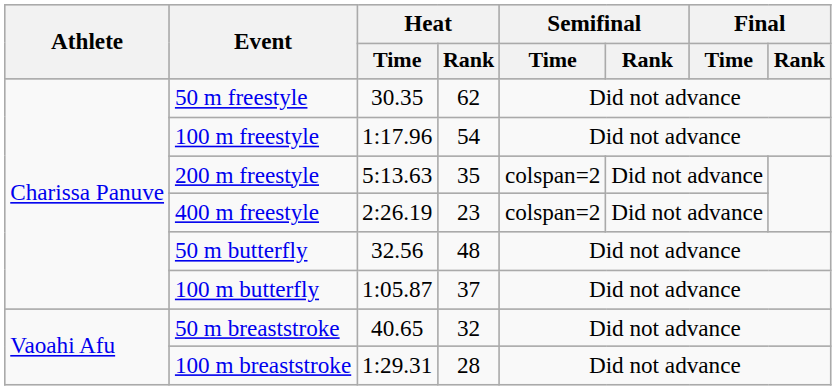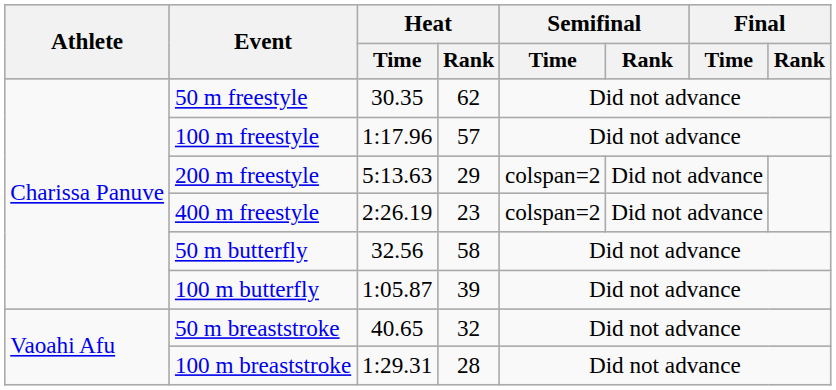 <table class=wikitable style=font-size:90%>
 <tr>
 <th rowspan=2>Athlete</th>
 <th rowspan=2>Event</th>
 <th colspan=2>Heat</th>
 <th colspan=2>Semifinal</th>
 <th colspan=2>Final</th>
 </tr>
 <tr style=font-size:95%>
 <th>Time</th>
 <th>Rank</th>
 <th>Time</th>
 <th>Rank</th>
 <th>Time</th>
 <th>Rank</th>
 </tr>
 <tr align=center>
 <td align=left rowspan=6><a href='#'>Charissa Panuve</a></td>
 <td align=left rowspan="1"><a href='#'>50 m freestyle</a></td>
 <td>30.35</td>
 <td>62</td>
 <td colspan=4>Did not advance</td>
 </tr>
 <tr align=center>
 <td align=left rowspan="1"><a href='#'>100 m freestyle</a></td>
 <td>1:17.96</td>
-<td>54</td>
+<td>57</td>
 <td colspan=4>Did not advance</td>
 </tr>
 <tr align=center>
 <td align=left rowspan="1"><a href='#'>200 m freestyle</a></td>
 <td>5:13.63</td>
-<td>35</td>
+<td>29</td>
 <td>colspan=2 </td>
 <td colspan=2>Did not advance</td>
 </tr>
 <tr align=center>
 <td align=left rowspan="1"><a href='#'>400 m freestyle</a></td>
 <td>2:26.19</td>
 <td>23</td>
 <td>colspan=2 </td>
 <td colspan=2>Did not advance</td>
 </tr>
 <tr align=center>
 <td align=left rowspan="1"><a href='#'>50 m butterfly</a></td>
 <td>32.56</td>
-<td>48</td>
+<td>58</td>
 <td colspan=4>Did not advance</td>
 </tr>
 <tr align=center>
 <td align=left rowspan="1"><a href='#'>100 m butterfly</a></td>
 <td>1:05.87</td>
-<td>37</td>
+<td>39</td>
 <td colspan=4>Did not advance</td>
 </tr>
 <tr align=center>
 <td align=left rowspan=2><a href='#'>Vaoahi Afu</a></td>
 <td align=left rowspan="1"><a href='#'>50 m breaststroke</a></td>
 <td>40.65</td>
 <td>32</td>
 <td colspan=4>Did not advance</td>
 </tr>
 <tr align=center>
 <td align=left rowspan="1"><a href='#'>100 m breaststroke</a></td>
 <td>1:29.31</td>
 <td>28</td>
 <td colspan=4>Did not advance</td>
 </tr>
 </table>
